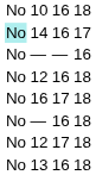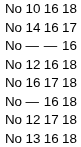 <table>
 <tr>
 <td style=text-align:left></td>
 <td>No</td>
 <td colspan=4>10</td>
 <td colspan=4>16</td>
 <td colspan=4>18</td>
 <td style=text-align:left;width:11em></td>
 </tr>
 <tr>
 <td style=text-align:left></td>
-<td style="background: paleturquoise;">No</td>
+<td>No</td>
 <td colspan=4>14</td>
 <td colspan=4>16</td>
 <td colspan=4>17</td>
 <td style=text-align:left></td>
 </tr>
 <tr>
 <td style=text-align:left></td>
 <td>No</td>
 <td colspan=4>—</td>
 <td colspan=4>—</td>
 <td colspan=4>16</td>
 <td style=text-align:left></td>
 </tr>
 <tr>
 <td style=text-align:left></td>
 <td>No</td>
 <td colspan=4>12</td>
 <td colspan=4>16</td>
 <td colspan=4>18</td>
 <td style=text-align:left></td>
 </tr>
 <tr>
 <td style=text-align:left></td>
 <td>No</td>
 <td colspan=4>16</td>
 <td colspan=4>17</td>
 <td colspan=4>18</td>
 <td style=text-align:left></td>
 </tr>
 <tr>
 <td style=text-align:left></td>
 <td>No</td>
 <td colspan=4>—</td>
 <td colspan=4>16</td>
 <td colspan=4>18</td>
 <td style=text-align:left></td>
 </tr>
 <tr>
 <td style=text-align:left></td>
 <td>No</td>
 <td colspan=4>12</td>
 <td colspan=4>17</td>
 <td colspan=4>18</td>
 <td style=text-align:left></td>
 </tr>
 <tr>
 <td style=text-align:left></td>
 <td>No</td>
 <td colspan=4>13</td>
 <td colspan=4>16</td>
 <td colspan=4>18</td>
 <td style=text-align:left></td>
 </tr>
 </table>
